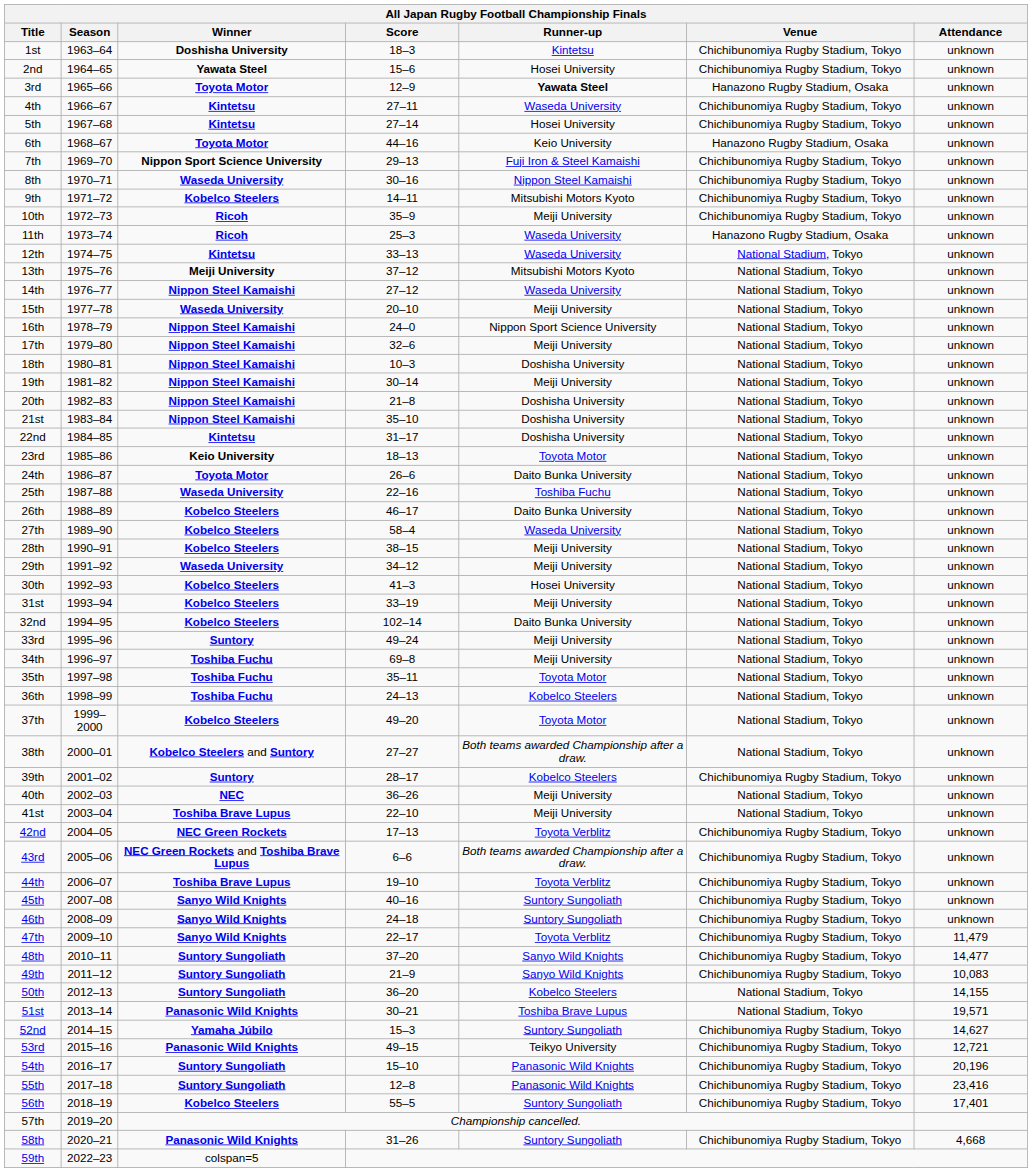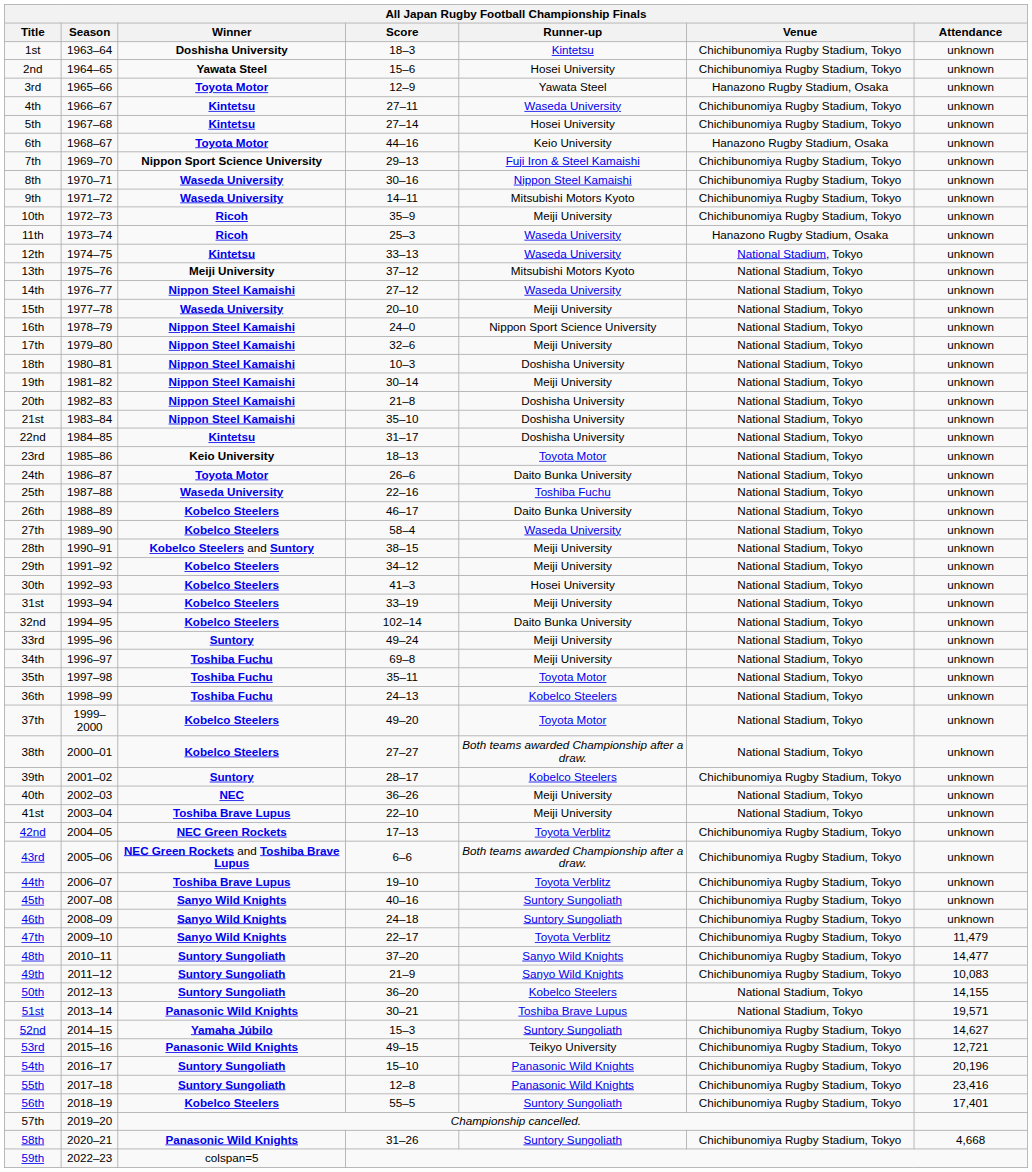 <table class="wikitable sortable" style="text-align:center; font-size:90%; width:100%">
 <tr>
 <th colspan=100%>All Japan Rugby Football Championship Finals</th>
 </tr>
 <tr>
 <th width=5%>Title</th>
 <th width=5%>Season</th>
 <th width=20%>Winner</th>
 <th width=10%>Score</th>
 <th width=20%>Runner-up</th>
 <th width=20%>Venue</th>
 <th width=10%>Attendance</th>
 </tr>
 <tr>
 <td>1st</td>
 <td>1963–64</td>
 <td><strong>Doshisha University</strong></td>
 <td>18–3</td>
 <td><a href='#'>Kintetsu</a></td>
 <td>Chichibunomiya Rugby Stadium, Tokyo</td>
 <td>unknown</td>
 </tr>
 <tr>
 <td>2nd</td>
 <td>1964–65</td>
 <td><strong>Yawata Steel</strong></td>
 <td>15–6</td>
 <td>Hosei University</td>
 <td>Chichibunomiya Rugby Stadium, Tokyo</td>
 <td>unknown</td>
 </tr>
 <tr>
 <td>3rd</td>
 <td>1965–66</td>
 <td><strong><a href='#'>Toyota Motor</a></strong></td>
 <td>12–9</td>
-<td><strong>Yawata Steel</strong></td>
+<td>Yawata Steel</td>
 <td>Hanazono Rugby Stadium, Osaka</td>
 <td>unknown</td>
 </tr>
 <tr>
 <td>4th</td>
 <td>1966–67</td>
 <td><strong><a href='#'>Kintetsu</a></strong></td>
 <td>27–11</td>
 <td><a href='#'>Waseda University</a></td>
 <td>Chichibunomiya Rugby Stadium, Tokyo</td>
 <td>unknown</td>
 </tr>
 <tr>
 <td>5th</td>
 <td>1967–68</td>
 <td><strong><a href='#'>Kintetsu</a></strong></td>
 <td>27–14</td>
 <td>Hosei University</td>
 <td>Chichibunomiya Rugby Stadium, Tokyo</td>
 <td>unknown</td>
 </tr>
 <tr>
 <td>6th</td>
 <td>1968–67</td>
 <td><strong><a href='#'>Toyota Motor</a></strong></td>
 <td>44–16</td>
 <td>Keio University</td>
 <td>Hanazono Rugby Stadium, Osaka</td>
 <td>unknown</td>
 </tr>
 <tr>
 <td>7th</td>
 <td>1969–70</td>
 <td><strong>Nippon Sport Science University</strong></td>
 <td>29–13</td>
 <td><a href='#'>Fuji Iron & Steel Kamaishi</a></td>
 <td>Chichibunomiya Rugby Stadium, Tokyo</td>
 <td>unknown</td>
 </tr>
 <tr>
 <td>8th</td>
 <td>1970–71</td>
 <td><strong><a href='#'>Waseda University</a></strong></td>
 <td>30–16</td>
 <td><a href='#'>Nippon Steel Kamaishi</a></td>
 <td>Chichibunomiya Rugby Stadium, Tokyo</td>
 <td>unknown</td>
 </tr>
 <tr>
 <td>9th</td>
 <td>1971–72</td>
-<td><strong><a href='#'>Kobelco Steelers</a></strong></td>
+<td><strong><a href='#'>Waseda University</a></strong></td>
 <td>14–11</td>
 <td>Mitsubishi Motors Kyoto</td>
 <td>Chichibunomiya Rugby Stadium, Tokyo</td>
 <td>unknown</td>
 </tr>
 <tr>
 <td>10th</td>
 <td>1972–73</td>
 <td><strong><a href='#'>Ricoh</a></strong></td>
 <td>35–9</td>
 <td>Meiji University</td>
 <td>Chichibunomiya Rugby Stadium, Tokyo</td>
 <td>unknown</td>
 </tr>
 <tr>
 <td>11th</td>
 <td>1973–74</td>
 <td><strong><a href='#'>Ricoh</a></strong></td>
 <td>25–3</td>
 <td><a href='#'>Waseda University</a></td>
 <td>Hanazono Rugby Stadium, Osaka</td>
 <td>unknown</td>
 </tr>
 <tr>
 <td>12th</td>
 <td>1974–75</td>
 <td><strong><a href='#'>Kintetsu</a></strong></td>
 <td>33–13</td>
 <td><a href='#'>Waseda University</a></td>
 <td><a href='#'>National Stadium</a>, Tokyo</td>
 <td>unknown</td>
 </tr>
 <tr>
 <td>13th</td>
 <td>1975–76</td>
 <td><strong>Meiji University</strong></td>
 <td>37–12</td>
 <td>Mitsubishi Motors Kyoto</td>
 <td>National Stadium, Tokyo</td>
 <td>unknown</td>
 </tr>
 <tr>
 <td>14th</td>
 <td>1976–77</td>
 <td><strong><a href='#'>Nippon Steel Kamaishi</a></strong></td>
 <td>27–12</td>
 <td><a href='#'>Waseda University</a></td>
 <td>National Stadium, Tokyo</td>
 <td>unknown</td>
 </tr>
 <tr>
 <td>15th</td>
 <td>1977–78</td>
 <td><strong><a href='#'>Waseda University</a></strong></td>
 <td>20–10</td>
 <td>Meiji University</td>
 <td>National Stadium, Tokyo</td>
 <td>unknown</td>
 </tr>
 <tr>
 <td>16th</td>
 <td>1978–79</td>
 <td><strong><a href='#'>Nippon Steel Kamaishi</a></strong></td>
 <td>24–0</td>
 <td>Nippon Sport Science University</td>
 <td>National Stadium, Tokyo</td>
 <td>unknown</td>
 </tr>
 <tr>
 <td>17th</td>
 <td>1979–80</td>
 <td><strong><a href='#'>Nippon Steel Kamaishi</a></strong></td>
 <td>32–6</td>
 <td>Meiji University</td>
 <td>National Stadium, Tokyo</td>
 <td>unknown</td>
 </tr>
 <tr>
 <td>18th</td>
 <td>1980–81</td>
 <td><strong><a href='#'>Nippon Steel Kamaishi</a></strong></td>
 <td>10–3</td>
 <td>Doshisha University</td>
 <td>National Stadium, Tokyo</td>
 <td>unknown</td>
 </tr>
 <tr>
 <td>19th</td>
 <td>1981–82</td>
 <td><strong><a href='#'>Nippon Steel Kamaishi</a></strong></td>
 <td>30–14</td>
 <td>Meiji University</td>
 <td>National Stadium, Tokyo</td>
 <td>unknown</td>
 </tr>
 <tr>
 <td>20th</td>
 <td>1982–83</td>
 <td><strong><a href='#'>Nippon Steel Kamaishi</a></strong></td>
 <td>21–8</td>
 <td>Doshisha University</td>
 <td>National Stadium, Tokyo</td>
 <td>unknown</td>
 </tr>
 <tr>
 <td>21st</td>
 <td>1983–84</td>
 <td><strong><a href='#'>Nippon Steel Kamaishi</a></strong></td>
 <td>35–10</td>
 <td>Doshisha University</td>
 <td>National Stadium, Tokyo</td>
 <td>unknown</td>
 </tr>
 <tr>
 <td>22nd</td>
 <td>1984–85</td>
 <td><strong><a href='#'>Kintetsu</a></strong></td>
 <td>31–17</td>
 <td>Doshisha University</td>
 <td>National Stadium, Tokyo</td>
 <td>unknown</td>
 </tr>
 <tr>
 <td>23rd</td>
 <td>1985–86</td>
 <td><strong>Keio University</strong></td>
 <td>18–13</td>
 <td><a href='#'>Toyota Motor</a></td>
 <td>National Stadium, Tokyo</td>
 <td>unknown</td>
 </tr>
 <tr>
 <td>24th</td>
 <td>1986–87</td>
 <td><strong><a href='#'>Toyota Motor</a></strong></td>
 <td>26–6</td>
 <td>Daito Bunka University</td>
 <td>National Stadium, Tokyo</td>
 <td>unknown</td>
 </tr>
 <tr>
 <td>25th</td>
 <td>1987–88</td>
 <td><strong><a href='#'>Waseda University</a></strong></td>
 <td>22–16</td>
 <td><a href='#'>Toshiba Fuchu</a></td>
 <td>National Stadium, Tokyo</td>
 <td>unknown</td>
 </tr>
 <tr>
 <td>26th</td>
 <td>1988–89</td>
 <td><strong><a href='#'>Kobelco Steelers</a></strong></td>
 <td>46–17</td>
 <td>Daito Bunka University</td>
 <td>National Stadium, Tokyo</td>
 <td>unknown</td>
 </tr>
 <tr>
 <td>27th</td>
 <td>1989–90</td>
 <td><strong><a href='#'>Kobelco Steelers</a></strong></td>
 <td>58–4</td>
 <td><a href='#'>Waseda University</a></td>
 <td>National Stadium, Tokyo</td>
 <td>unknown</td>
 </tr>
 <tr>
 <td>28th</td>
 <td>1990–91</td>
-<td><strong><a href='#'>Kobelco Steelers</a></strong></td>
+<td><strong><a href='#'>Kobelco Steelers</a> </strong> and <strong> <a href='#'>Suntory</a></strong></td>
 <td>38–15</td>
 <td>Meiji University</td>
 <td>National Stadium, Tokyo</td>
 <td>unknown</td>
 </tr>
 <tr>
 <td>29th</td>
 <td>1991–92</td>
-<td><strong><a href='#'>Waseda University</a></strong></td>
+<td><strong><a href='#'>Kobelco Steelers</a></strong></td>
 <td>34–12</td>
 <td>Meiji University</td>
 <td>National Stadium, Tokyo</td>
 <td>unknown</td>
 </tr>
 <tr>
 <td>30th</td>
 <td>1992–93</td>
 <td><strong><a href='#'>Kobelco Steelers</a></strong></td>
 <td>41–3</td>
 <td>Hosei University</td>
 <td>National Stadium, Tokyo</td>
 <td>unknown</td>
 </tr>
 <tr>
 <td>31st</td>
 <td>1993–94</td>
 <td><strong><a href='#'>Kobelco Steelers</a></strong></td>
 <td>33–19</td>
 <td>Meiji University</td>
 <td>National Stadium, Tokyo</td>
 <td>unknown</td>
 </tr>
 <tr>
 <td>32nd</td>
 <td>1994–95</td>
 <td><strong><a href='#'>Kobelco Steelers</a></strong></td>
 <td>102–14</td>
 <td>Daito Bunka University</td>
 <td>National Stadium, Tokyo</td>
 <td>unknown</td>
 </tr>
 <tr>
 <td>33rd</td>
 <td>1995–96</td>
 <td><strong><a href='#'>Suntory</a></strong></td>
 <td>49–24</td>
 <td>Meiji University</td>
 <td>National Stadium, Tokyo</td>
 <td>unknown</td>
 </tr>
 <tr>
 <td>34th</td>
 <td>1996–97</td>
 <td><strong><a href='#'>Toshiba Fuchu</a></strong></td>
 <td>69–8</td>
 <td>Meiji University</td>
 <td>National Stadium, Tokyo</td>
 <td>unknown</td>
 </tr>
 <tr>
 <td>35th</td>
 <td>1997–98</td>
 <td><strong><a href='#'>Toshiba Fuchu</a></strong></td>
 <td>35–11</td>
 <td><a href='#'>Toyota Motor</a></td>
 <td>National Stadium, Tokyo</td>
 <td>unknown</td>
 </tr>
 <tr>
 <td>36th</td>
 <td>1998–99</td>
 <td><strong><a href='#'>Toshiba Fuchu</a></strong></td>
 <td>24–13</td>
 <td><a href='#'>Kobelco Steelers</a></td>
 <td>National Stadium, Tokyo</td>
 <td>unknown</td>
 </tr>
 <tr>
 <td>37th</td>
 <td>1999–2000</td>
 <td><strong><a href='#'>Kobelco Steelers</a></strong></td>
 <td>49–20</td>
 <td><a href='#'>Toyota Motor</a></td>
 <td>National Stadium, Tokyo</td>
 <td>unknown</td>
 </tr>
 <tr>
 <td>38th</td>
 <td>2000–01</td>
-<td><strong><a href='#'>Kobelco Steelers</a> </strong> and <strong> <a href='#'>Suntory</a></strong></td>
+<td><strong><a href='#'>Kobelco Steelers</a></strong></td>
 <td>27–27</td>
 <td><em>Both teams awarded Championship after a draw.</em></td>
 <td>National Stadium, Tokyo</td>
 <td>unknown</td>
 </tr>
 <tr>
 <td>39th</td>
 <td>2001–02</td>
 <td><strong><a href='#'>Suntory</a></strong></td>
 <td>28–17</td>
 <td><a href='#'>Kobelco Steelers</a></td>
 <td>Chichibunomiya Rugby Stadium, Tokyo</td>
 <td>unknown</td>
 </tr>
 <tr>
 <td>40th</td>
 <td>2002–03</td>
 <td><strong><a href='#'>NEC</a></strong></td>
 <td>36–26</td>
 <td>Meiji University</td>
 <td>National Stadium, Tokyo</td>
 <td>unknown</td>
 </tr>
 <tr>
 <td>41st</td>
 <td>2003–04</td>
 <td><strong><a href='#'>Toshiba Brave Lupus</a></strong></td>
 <td>22–10</td>
 <td>Meiji University</td>
 <td>National Stadium, Tokyo</td>
 <td>unknown</td>
 </tr>
 <tr>
 <td><a href='#'>42nd</a></td>
 <td>2004–05</td>
 <td><strong><a href='#'>NEC Green Rockets</a></strong></td>
 <td>17–13</td>
 <td><a href='#'>Toyota Verblitz</a></td>
 <td>Chichibunomiya Rugby Stadium, Tokyo</td>
 <td>unknown</td>
 </tr>
 <tr>
 <td><a href='#'>43rd</a></td>
 <td>2005–06</td>
 <td><strong><a href='#'>NEC Green Rockets</a></strong> and <strong><a href='#'>Toshiba Brave Lupus</a></strong></td>
 <td>6–6</td>
 <td><em>Both teams awarded Championship after a draw.</em></td>
 <td>Chichibunomiya Rugby Stadium, Tokyo</td>
 <td>unknown</td>
 </tr>
 <tr>
 <td><a href='#'>44th</a></td>
 <td>2006–07</td>
 <td><strong><a href='#'>Toshiba Brave Lupus</a></strong></td>
 <td>19–10</td>
 <td><a href='#'>Toyota Verblitz</a></td>
 <td>Chichibunomiya Rugby Stadium, Tokyo</td>
 <td>unknown</td>
 </tr>
 <tr>
 <td><a href='#'>45th</a></td>
 <td>2007–08</td>
 <td><strong><a href='#'>Sanyo Wild Knights</a></strong></td>
 <td>40–16</td>
 <td><a href='#'>Suntory Sungoliath</a></td>
 <td>Chichibunomiya Rugby Stadium, Tokyo</td>
 <td>unknown</td>
 </tr>
 <tr>
 <td><a href='#'>46th</a></td>
 <td>2008–09</td>
 <td><strong><a href='#'>Sanyo Wild Knights</a></strong></td>
 <td>24–18</td>
 <td><a href='#'>Suntory Sungoliath</a></td>
 <td>Chichibunomiya Rugby Stadium, Tokyo</td>
 <td>unknown</td>
 </tr>
 <tr>
 <td><a href='#'>47th</a></td>
 <td>2009–10</td>
 <td><strong><a href='#'>Sanyo Wild Knights</a></strong></td>
 <td>22–17</td>
 <td><a href='#'>Toyota Verblitz</a></td>
 <td>Chichibunomiya Rugby Stadium, Tokyo</td>
 <td>11,479</td>
 </tr>
 <tr>
 <td><a href='#'>48th</a></td>
 <td>2010–11</td>
 <td><strong><a href='#'>Suntory Sungoliath</a></strong></td>
 <td>37–20</td>
 <td><a href='#'>Sanyo Wild Knights</a></td>
 <td>Chichibunomiya Rugby Stadium, Tokyo</td>
 <td>14,477</td>
 </tr>
 <tr>
 <td><a href='#'>49th</a></td>
 <td>2011–12</td>
 <td><strong><a href='#'>Suntory Sungoliath</a></strong></td>
 <td>21–9</td>
 <td><a href='#'>Sanyo Wild Knights</a></td>
 <td>Chichibunomiya Rugby Stadium, Tokyo</td>
 <td>10,083</td>
 </tr>
 <tr>
 <td><a href='#'>50th</a></td>
 <td>2012–13</td>
 <td><strong><a href='#'>Suntory Sungoliath</a></strong></td>
 <td>36–20</td>
 <td><a href='#'>Kobelco Steelers</a></td>
 <td>National Stadium, Tokyo</td>
 <td>14,155 </td>
 </tr>
 <tr>
 <td><a href='#'>51st</a></td>
 <td>2013–14</td>
 <td><strong><a href='#'>Panasonic Wild Knights</a></strong></td>
 <td>30–21</td>
 <td><a href='#'>Toshiba Brave Lupus</a></td>
 <td>National Stadium, Tokyo</td>
 <td>19,571</td>
 </tr>
 <tr>
 <td><a href='#'>52nd</a></td>
 <td>2014–15</td>
 <td><strong><a href='#'>Yamaha Júbilo</a></strong></td>
 <td>15–3</td>
 <td><a href='#'>Suntory Sungoliath</a></td>
 <td>Chichibunomiya Rugby Stadium, Tokyo</td>
 <td>14,627 </td>
 </tr>
 <tr>
 <td><a href='#'>53rd</a></td>
 <td>2015–16</td>
 <td><strong><a href='#'>Panasonic Wild Knights</a></strong></td>
 <td>49–15</td>
 <td>Teikyo University</td>
 <td>Chichibunomiya Rugby Stadium, Tokyo</td>
 <td>12,721 </td>
 </tr>
 <tr>
 <td><a href='#'>54th</a></td>
 <td>2016–17</td>
 <td><strong><a href='#'>Suntory Sungoliath</a></strong></td>
 <td>15–10</td>
 <td><a href='#'>Panasonic Wild Knights</a></td>
 <td>Chichibunomiya Rugby Stadium, Tokyo</td>
 <td>20,196 </td>
 </tr>
 <tr>
 <td><a href='#'>55th</a></td>
 <td>2017–18</td>
 <td><strong><a href='#'>Suntory Sungoliath</a></strong></td>
 <td>12–8</td>
 <td><a href='#'>Panasonic Wild Knights</a></td>
 <td>Chichibunomiya Rugby Stadium, Tokyo</td>
 <td>23,416</td>
 </tr>
 <tr>
 <td><a href='#'>56th</a></td>
 <td>2018–19</td>
 <td><strong><a href='#'>Kobelco Steelers</a></strong></td>
 <td>55–5</td>
 <td><a href='#'>Suntory Sungoliath</a></td>
 <td>Chichibunomiya Rugby Stadium, Tokyo</td>
 <td>17,401</td>
 </tr>
 <tr>
 <td>57th</td>
 <td>2019–20</td>
 <td colspan=4  align=center><em>Championship cancelled.</em></td>
 <td></td>
 </tr>
 <tr>
 <td><a href='#'>58th</a></td>
 <td>2020–21</td>
 <td><strong><a href='#'>Panasonic Wild Knights</a></strong></td>
 <td>31–26</td>
 <td><a href='#'>Suntory Sungoliath</a></td>
 <td>Chichibunomiya Rugby Stadium, Tokyo</td>
 <td>4,668</td>
 </tr>
 <tr>
 <td><a href='#'>59th</a></td>
 <td>2022–23</td>
 <td>colspan=5 </td>
 </tr>
 </table>
